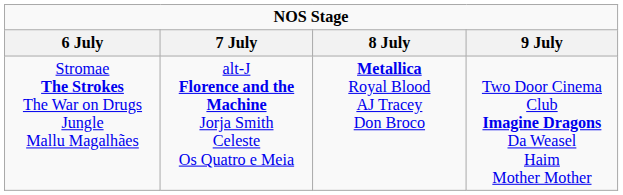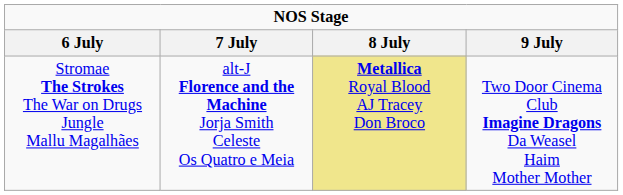 <table class="wikitable">
 <tr>
 <td colspan="4" align="center"><strong>NOS Stage</strong></td>
 </tr>
 <tr>
 <th>6 July</th>
 <th>7 July</th>
 <th>8 July</th>
 <th>9 July</th>
 </tr>
 <tr>
 <td align="center" valign="top" width="200"><a href='#'>Stromae</a><br><strong><a href='#'>The Strokes</a></strong><br><a href='#'>The War on Drugs</a><br><a href='#'>Jungle</a><br><a href='#'>Mallu Magalhães</a></td>
 <td align="center" valign="top" width="200"><a href='#'>alt-J</a><br><strong><a href='#'>Florence and the Machine</a></strong><br><a href='#'>Jorja Smith</a><br><a href='#'>Celeste</a><br><a href='#'>Os Quatro e Meia</a></td>
-<td align="center" valign="top" width="200"><strong><a href='#'>Metallica</a></strong><br><a href='#'>Royal Blood</a><br><a href='#'>AJ Tracey</a><br><a href='#'>Don Broco</a></td>
+<td align="center" valign="top" width="200" style="background: khaki;"><strong><a href='#'>Metallica</a></strong><br><a href='#'>Royal Blood</a><br><a href='#'>AJ Tracey</a><br><a href='#'>Don Broco</a></td>
 <td align="center" valign="top" width="200"><br><a href='#'>Two Door Cinema Club</a><br><strong><a href='#'>Imagine Dragons</a></strong><br><a href='#'>Da Weasel</a><br><a href='#'>Haim</a><br><a href='#'>Mother Mother</a></td>
 </tr>
 </table>
